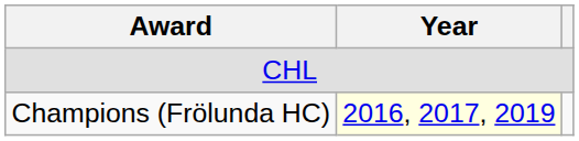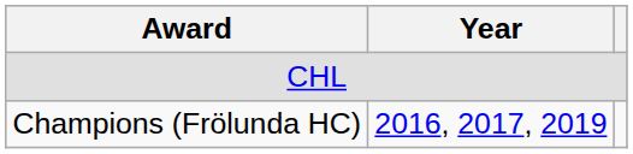 <table class="wikitable">
 <tr>
 <th>Award</th>
 <th>Year</th>
 <th></th>
 </tr>
 <tr ALIGN="center" bgcolor="#e0e0e0">
 <td colspan="3"><a href='#'>CHL</a></td>
 </tr>
 <tr>
 <td>Champions (Frölunda HC)</td>
-<td style="background: lightyellow;"><a href='#'>2016</a>, <a href='#'>2017</a>, <a href='#'>2019</a></td>
+<td><a href='#'>2016</a>, <a href='#'>2017</a>, <a href='#'>2019</a></td>
 <td></td>
 </tr>
 </table>
